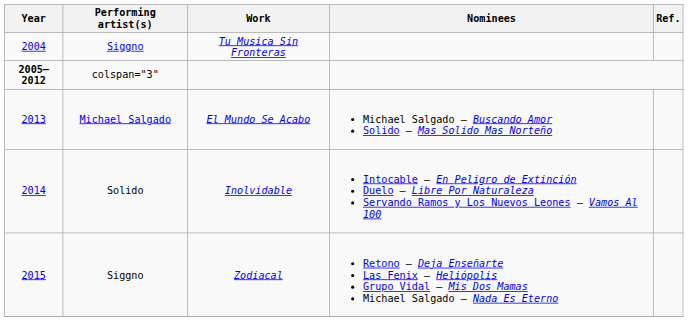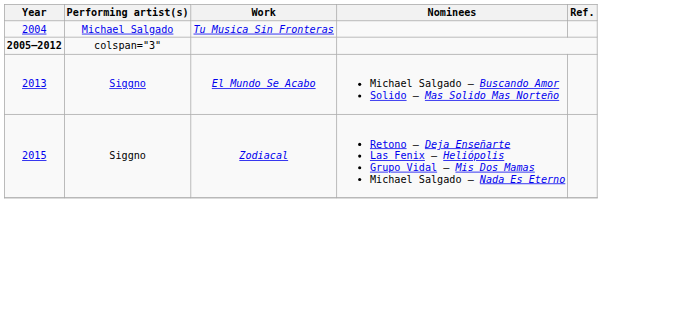 <table class="wikitable sortable" style="text-align:center;">
 <tr>
 <th bgcolor="#efefef">Year</th>
 <th bgcolor="#efefef">Performing artist(s)</th>
 <th bgcolor="#efefef">Work</th>
 <th bgcolor="#efefef" class=unsortable>Nominees</th>
 <th bgcolor="#efefef" class=unsortable>Ref.</th>
 </tr>
 <tr>
 <td><a href='#'>2004</a></td>
-<td><a href='#'>Siggno</a></td>
+<td><a href='#'>Michael Salgado</a></td>
 <td><em><a href='#'>Tu Musica Sin Fronteras</a></em></td>
 <td></td>
 <td></td>
 </tr>
 <tr>
 <td><strong>2005–2012</strong></td>
 <td>colspan="3" </td>
 <td></td>
 </tr>
 <tr>
 <td><a href='#'>2013</a></td>
-<td><a href='#'>Michael Salgado</a></td>
+<td><a href='#'>Siggno</a></td>
 <td><em><a href='#'>El Mundo Se Acabo</a></em></td>
 <td style="text-align:left;"><br><ul><li>Michael Salgado – <em><a href='#'>Buscando Amor</a></em></li><li><a href='#'>Solido</a> – <em><a href='#'>Mas Solido Mas Norteño</a></em></li></ul></td>
-<td></td>
-</tr>
-<tr>
-<td><a href='#'>2014</a></td>
-<td>Solido</td>
-<td><em><a href='#'>Inolvidable</a></em></td>
-<td style="text-align:left;"><br><ul><li><a href='#'>Intocable</a> – <em><a href='#'>En Peligro de Extinción</a></em></li><li><a href='#'>Duelo</a> – <em><a href='#'>Libre Por Naturaleza</a></em></li><li><a href='#'>Servando Ramos y Los Nuevos Leones</a> – <em><a href='#'>Vamos Al 100</a></em></li></ul></td>
 <td></td>
 </tr>
 <tr>
 <td><a href='#'>2015</a></td>
 <td>Siggno</td>
 <td><em><a href='#'>Zodiacal</a></em></td>
 <td style="text-align:left;"><br><ul><li><a href='#'>Retono</a> – <em><a href='#'>Deja Enseñarte</a></em></li><li><a href='#'>Las Fenix</a> – <em><a href='#'>Heliópolis</a></em></li><li><a href='#'>Grupo Vidal</a> – <em><a href='#'>Mis Dos Mamas</a></em></li><li>Michael Salgado – <em><a href='#'>Nada Es Eterno</a></em></li></ul></td>
 <td></td>
 </tr>
 <tr>
 </tr>
 </table>
